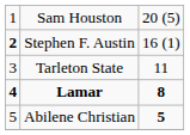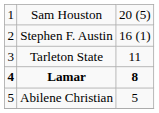 <table class="wikitable">
 <tr align="center">
 <td>1</td>
 <td>Sam Houston</td>
 <td>20 (5)</td>
 </tr>
 <tr align="center">
-<td><strong>2</strong></td>
+<td>2</td>
 <td>Stephen F. Austin</td>
 <td>16 (1)</td>
 </tr>
 <tr align="center">
 <td>3</td>
 <td>Tarleton State</td>
 <td>11</td>
 </tr>
 <tr align="center">
 <td><strong>4</strong></td>
 <td><strong>Lamar</strong></td>
 <td><strong>8</strong></td>
 </tr>
 <tr align="center">
 <td>5</td>
 <td>Abilene Christian</td>
-<td><strong>5</strong></td>
+<td>5</td>
 </tr>
 <tr align="center">
 </tr>
 </table>
